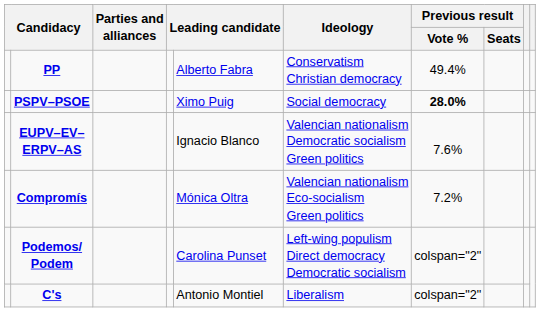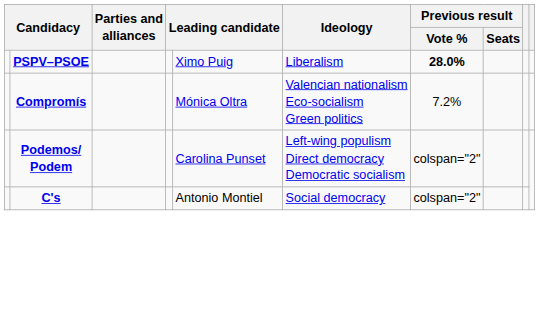 <table class="wikitable" style="line-height:1.35em; text-align:left;">
 <tr>
 <th colspan="2" rowspan="2">Candidacy</th>
 <th rowspan="2">Parties and<br>alliances</th>
 <th colspan="2" rowspan="2">Leading candidate</th>
 <th rowspan="2">Ideology</th>
 <th colspan="2">Previous result</th>
 <th rowspan="2"></th>
 <th rowspan="2"></th>
 </tr>
 <tr>
 <th>Vote %</th>
 <th>Seats</th>
 </tr>
 <tr>
-<td width="1" style="color:inherit;background:"></td>
-<td align="center"><strong><a href='#'>PP</a></strong></td>
-<td></td>
-<td></td>
-<td><a href='#'>Alberto Fabra</a></td>
-<td><a href='#'>Conservatism</a><br><a href='#'>Christian democracy</a></td>
-<td align="center">49.4%</td>
-<td></td>
-<td></td>
-<td></td>
-</tr>
-<tr>
 <td style="color:inherit;background:"></td>
 <td align="center"><strong><a href='#'>PSPV–PSOE</a></strong></td>
 <td></td>
 <td></td>
 <td><a href='#'>Ximo Puig</a></td>
-<td><a href='#'>Social democracy</a></td>
+<td><a href='#'>Liberalism</a></td>
 <td align="center"><strong>28.0%</strong></td>
-<td></td>
-<td></td>
-<td></td>
-</tr>
-<tr>
-<td style="color:inherit;background:"></td>
-<td align="center"><strong><a href='#'>EUPV–EV–<br>ERPV–AS</a></strong></td>
-<td></td>
-<td></td>
-<td>Ignacio Blanco</td>
-<td><a href='#'>Valencian nationalism</a><br><a href='#'>Democratic socialism</a><br><a href='#'>Green politics</a></td>
-<td align="center"><br>7.6%<br></td>
 <td></td>
 <td></td>
 <td></td>
 </tr>
 <tr>
 <td style="color:inherit;background:"></td>
 <td align="center"><strong><a href='#'>Compromís</a></strong></td>
 <td></td>
 <td></td>
 <td><a href='#'>Mónica Oltra</a></td>
 <td><a href='#'>Valencian nationalism</a><br><a href='#'>Eco-socialism</a><br><a href='#'>Green politics</a></td>
 <td align="center">7.2%</td>
 <td></td>
 <td></td>
 <td></td>
 </tr>
 <tr>
 <td style="color:inherit;background:"></td>
 <td align="center"><strong><a href='#'>Podemos/<br>Podem</a></strong></td>
 <td></td>
 <td></td>
 <td><a href='#'>Carolina Punset</a></td>
 <td><a href='#'>Left-wing populism</a><br><a href='#'>Direct democracy</a><br><a href='#'>Democratic socialism</a></td>
 <td>colspan="2" </td>
 <td></td>
 <td></td>
 </tr>
 <tr>
 <td style="color:inherit;background:"></td>
 <td align="center"><strong><a href='#'>C's</a></strong></td>
 <td></td>
 <td></td>
 <td>Antonio Montiel</td>
-<td><a href='#'>Liberalism</a></td>
+<td><a href='#'>Social democracy</a></td>
 <td>colspan="2" </td>
 <td></td>
 <td></td>
 </tr>
 </table>
